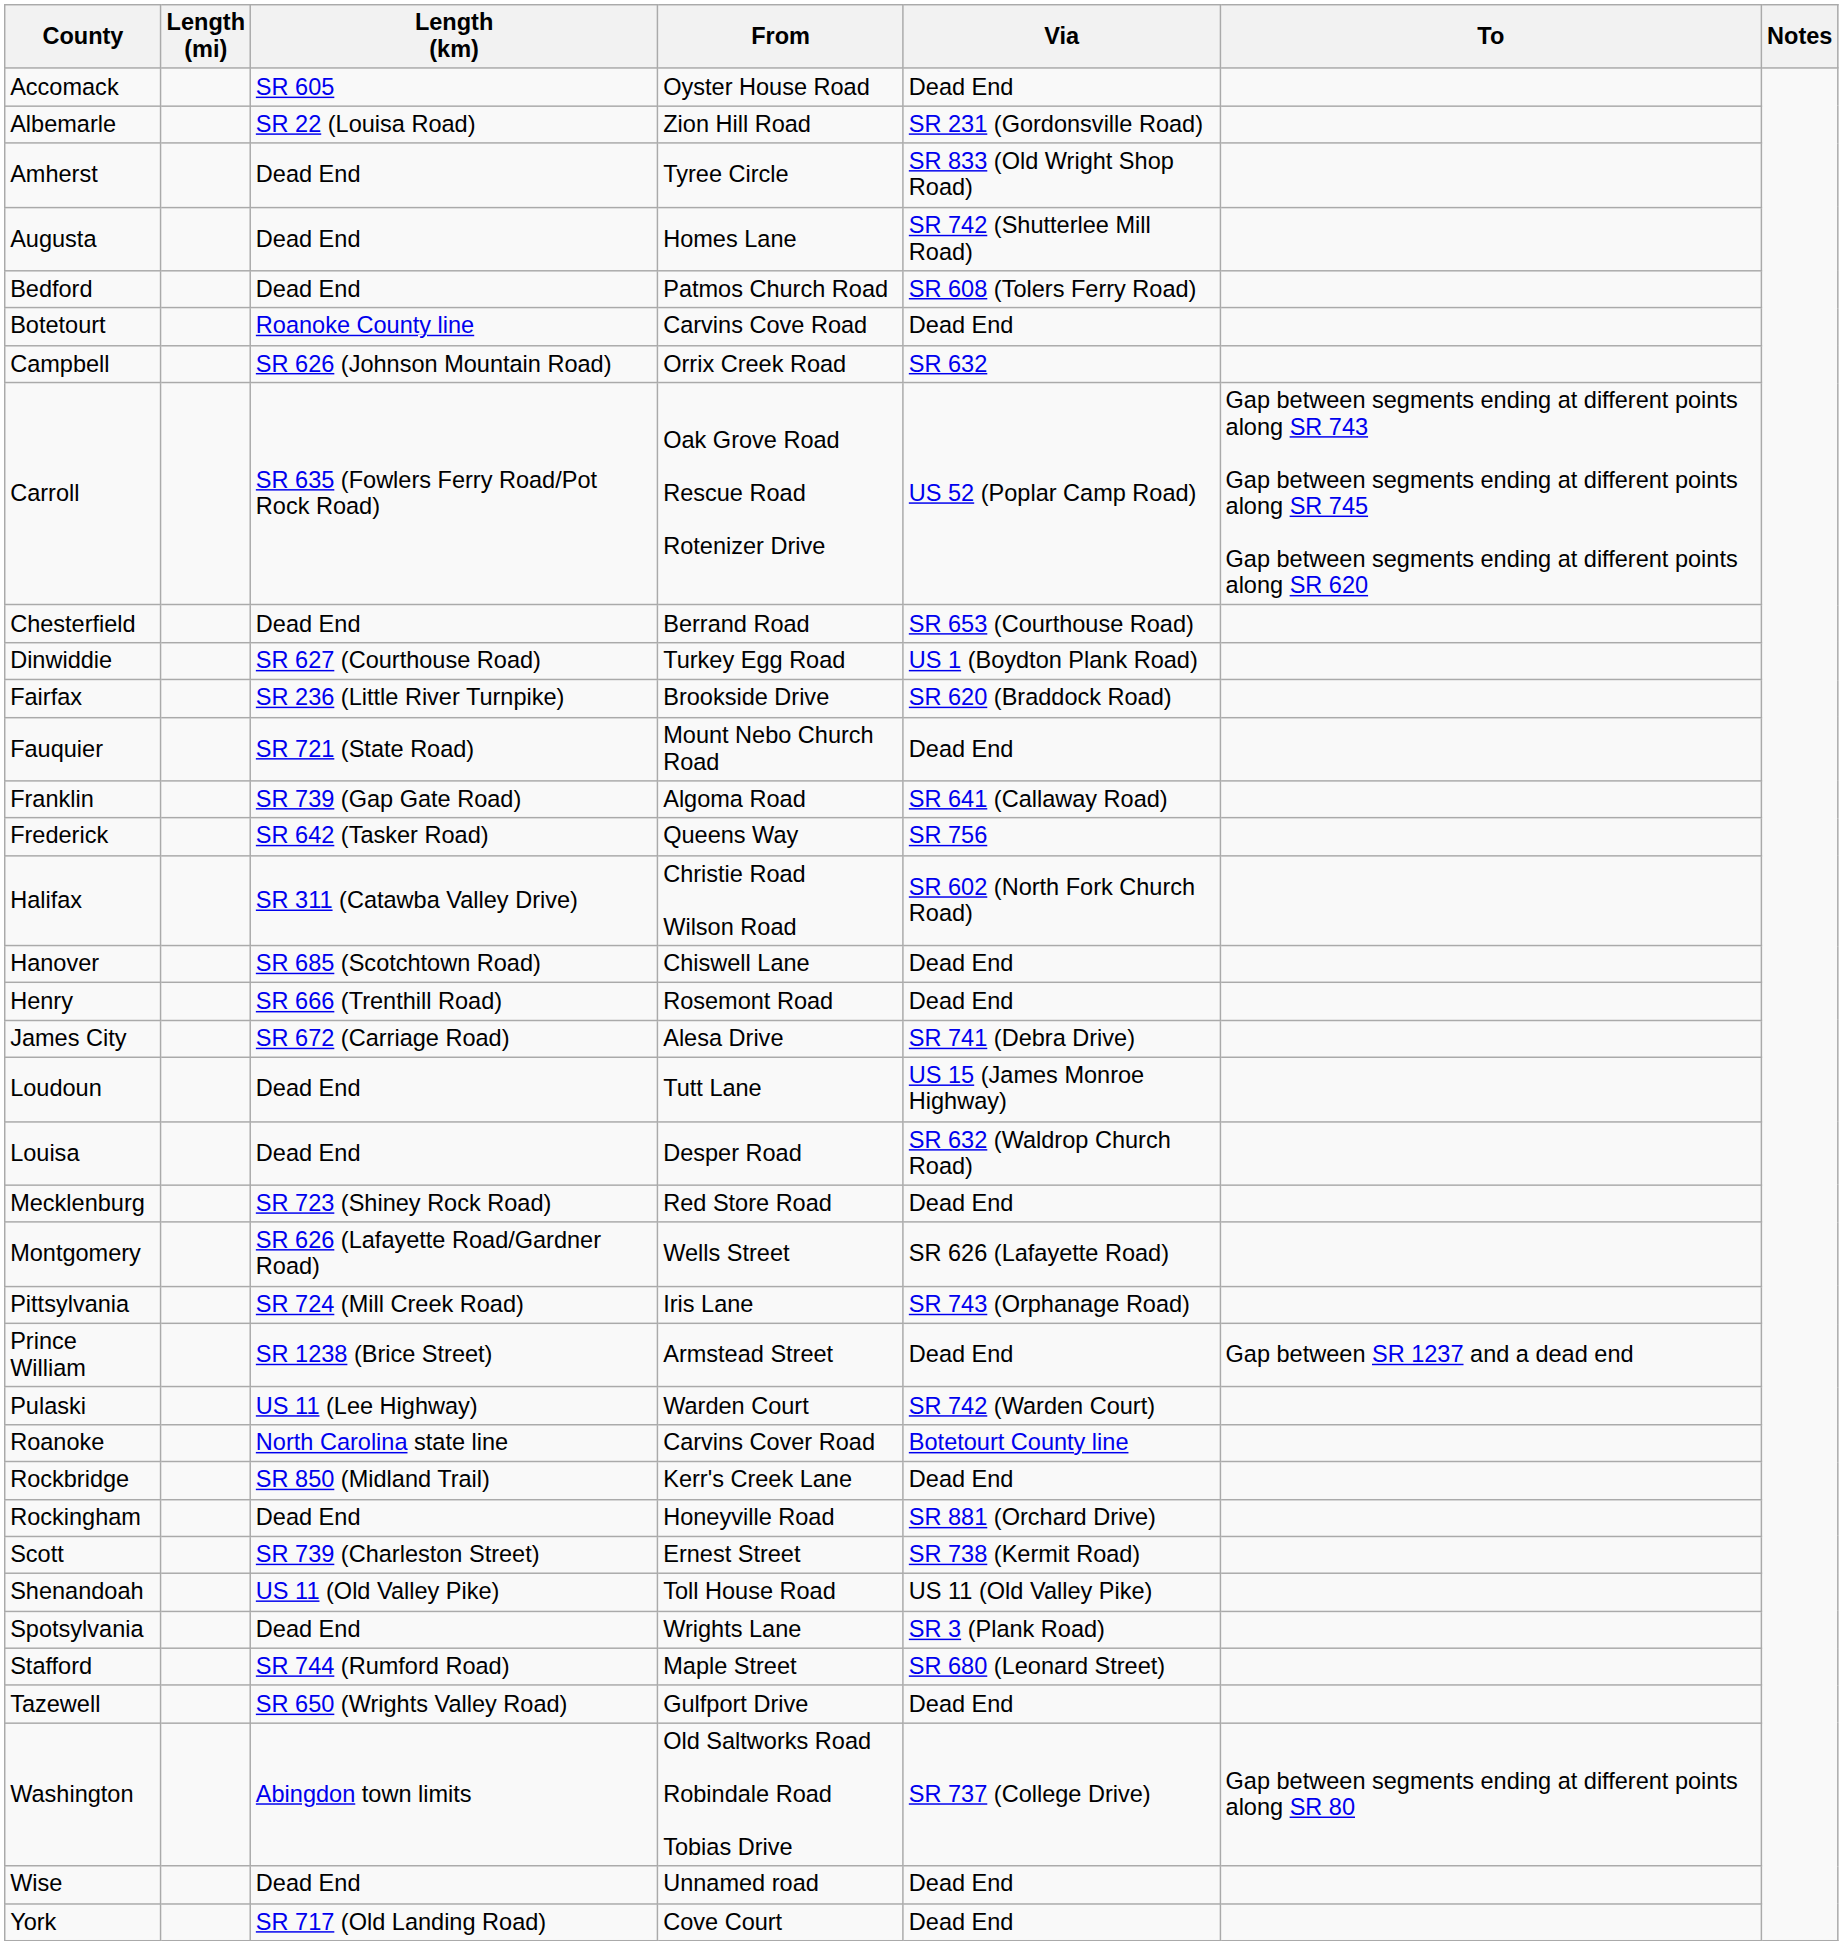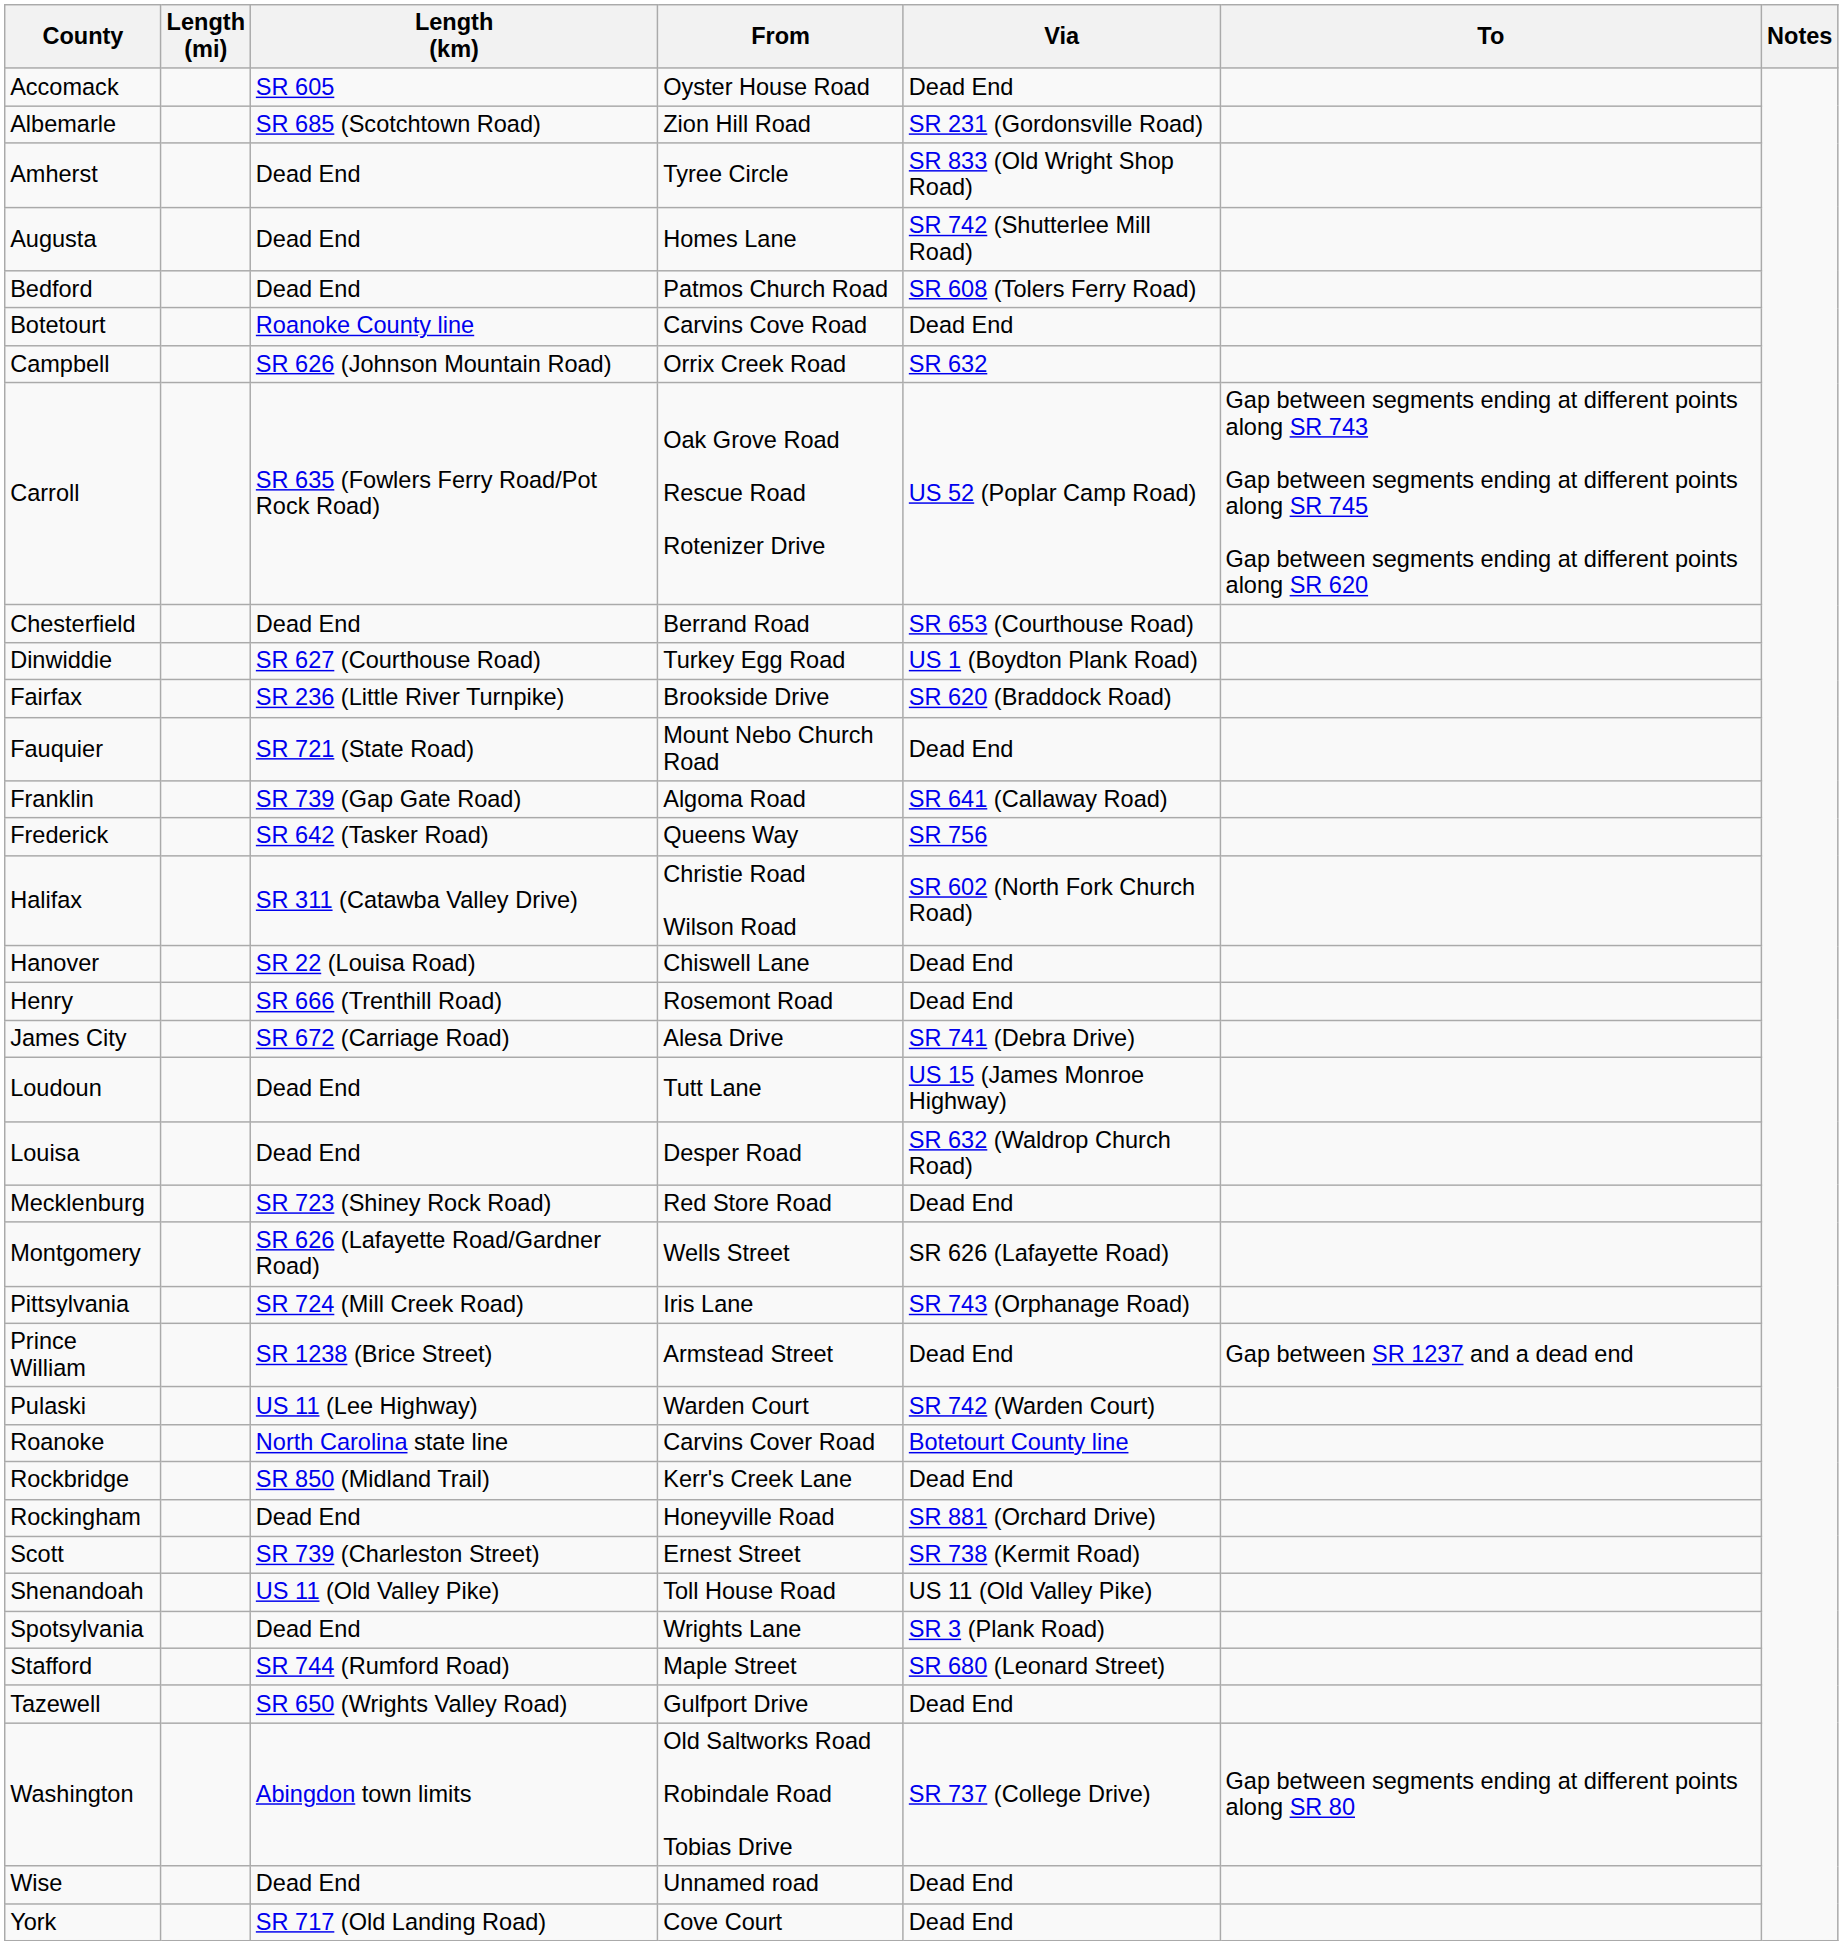 <table class="wikitable sortable">
 <tr>
 <th>County</th>
 <th>Length<br>(mi)</th>
 <th>Length<br>(km)</th>
 <th class="unsortable">From</th>
 <th class="unsortable">Via</th>
 <th class="unsortable">To</th>
 <th class="unsortable">Notes</th>
 </tr>
 <tr>
 <td id="Accomack">Accomack</td>
 <td></td>
 <td><a href='#'>SR 605</a></td>
 <td>Oyster House Road</td>
 <td>Dead End</td>
 <td></td>
 </tr>
 <tr>
 <td id="Albemarle">Albemarle</td>
 <td></td>
-<td><a href='#'>SR 22</a> (Louisa Road)</td>
+<td><a href='#'>SR 685</a> (Scotchtown Road)</td>
 <td>Zion Hill Road</td>
 <td><a href='#'>SR 231</a> (Gordonsville Road)</td>
 <td><br> </td>
 </tr>
 <tr>
 <td id="Amherst">Amherst</td>
 <td></td>
 <td>Dead End</td>
 <td>Tyree Circle</td>
 <td><a href='#'>SR 833</a> (Old Wright Shop Road)</td>
 <td><br> </td>
 </tr>
 <tr>
 <td id="Augusta">Augusta</td>
 <td></td>
 <td>Dead End</td>
 <td>Homes Lane</td>
 <td><a href='#'>SR 742</a> (Shutterlee Mill Road)</td>
 <td><br></td>
 </tr>
 <tr>
 <td id="Bedford">Bedford</td>
 <td></td>
 <td>Dead End</td>
 <td>Patmos Church Road</td>
 <td><a href='#'>SR 608</a> (Tolers Ferry Road)</td>
 <td><br></td>
 </tr>
 <tr>
 <td id="Botetourt">Botetourt</td>
 <td></td>
 <td><a href='#'>Roanoke County line</a></td>
 <td>Carvins Cove Road</td>
 <td>Dead End</td>
 <td><br>  </td>
 </tr>
 <tr>
 <td id="Campbell">Campbell</td>
 <td></td>
 <td><a href='#'>SR 626</a> (Johnson Mountain Road)</td>
 <td>Orrix Creek Road</td>
 <td><a href='#'>SR 632</a></td>
 <td><br></td>
 </tr>
 <tr>
 <td id="Carroll">Carroll</td>
 <td></td>
 <td><a href='#'>SR 635</a> (Fowlers Ferry Road/Pot Rock Road)</td>
 <td>Oak Grove Road<br><br>Rescue Road<br><br>Rotenizer Drive</td>
 <td><a href='#'>US 52</a> (Poplar Camp Road)</td>
 <td>Gap between segments ending at different points along <a href='#'>SR 743</a><br><br>Gap between segments ending at different points along <a href='#'>SR 745</a><br><br>Gap between segments ending at different points along <a href='#'>SR 620</a><br> </td>
 </tr>
 <tr>
 <td id="Chesterfield">Chesterfield</td>
 <td></td>
 <td>Dead End</td>
 <td>Berrand Road</td>
 <td><a href='#'>SR 653</a> (Courthouse Road)</td>
 <td><br>    </td>
 </tr>
 <tr>
 <td id="Dinwiddie">Dinwiddie</td>
 <td></td>
 <td><a href='#'>SR 627</a> (Courthouse Road)</td>
 <td>Turkey Egg Road</td>
 <td><a href='#'>US 1</a> (Boydton Plank Road)</td>
 <td><br></td>
 </tr>
 <tr>
 <td id="Fairfax">Fairfax</td>
 <td></td>
 <td><a href='#'>SR 236</a> (Little River Turnpike)</td>
 <td>Brookside Drive</td>
 <td><a href='#'>SR 620</a> (Braddock Road)</td>
 <td></td>
 </tr>
 <tr>
 <td id="Fauquier">Fauquier</td>
 <td></td>
 <td><a href='#'>SR 721</a> (State Road)</td>
 <td>Mount Nebo Church Road</td>
 <td>Dead End</td>
 <td><br> </td>
 </tr>
 <tr>
 <td id="Franklin">Franklin</td>
 <td></td>
 <td><a href='#'>SR 739</a> (Gap Gate Road)</td>
 <td>Algoma Road</td>
 <td><a href='#'>SR 641</a> (Callaway Road)</td>
 <td></td>
 </tr>
 <tr>
 <td id="Frederick">Frederick</td>
 <td></td>
 <td><a href='#'>SR 642</a> (Tasker Road)</td>
 <td>Queens Way</td>
 <td><a href='#'>SR 756</a></td>
 <td><br>     </td>
 </tr>
 <tr>
 <td id="Halifax">Halifax</td>
 <td></td>
 <td><a href='#'>SR 311</a> (Catawba Valley Drive)</td>
 <td>Christie Road<br><br>Wilson Road</td>
 <td><a href='#'>SR 602</a> (North Fork Church Road)</td>
 <td></td>
 </tr>
 <tr>
 <td id="Hanover">Hanover</td>
 <td></td>
-<td><a href='#'>SR 685</a> (Scotchtown Road)</td>
+<td><a href='#'>SR 22</a> (Louisa Road)</td>
 <td>Chiswell Lane</td>
 <td>Dead End</td>
 <td><br></td>
 </tr>
 <tr>
 <td id="Henry">Henry</td>
 <td></td>
 <td><a href='#'>SR 666</a> (Trenthill Road)</td>
 <td>Rosemont Road</td>
 <td>Dead End</td>
 <td><br> </td>
 </tr>
 <tr>
 <td id="James City">James City</td>
 <td></td>
 <td><a href='#'>SR 672</a> (Carriage Road)</td>
 <td>Alesa Drive</td>
 <td><a href='#'>SR 741</a> (Debra Drive)</td>
 <td><br>    </td>
 </tr>
 <tr>
 <td id="Loudoun">Loudoun</td>
 <td></td>
 <td>Dead End</td>
 <td>Tutt Lane</td>
 <td><a href='#'>US 15</a> (James Monroe Highway)</td>
 <td></td>
 </tr>
 <tr>
 <td id="Louisa">Louisa</td>
 <td></td>
 <td>Dead End</td>
 <td>Desper Road</td>
 <td><a href='#'>SR 632</a> (Waldrop Church Road)</td>
 <td><br>  </td>
 </tr>
 <tr>
 <td id="Mecklenburg">Mecklenburg</td>
 <td></td>
 <td><a href='#'>SR 723</a> (Shiney Rock Road)</td>
 <td>Red Store Road</td>
 <td>Dead End</td>
 <td><br></td>
 </tr>
 <tr>
 <td id="Montgomery">Montgomery</td>
 <td></td>
 <td><a href='#'>SR 626</a> (Lafayette Road/Gardner Road)</td>
 <td>Wells Street</td>
 <td>SR 626 (Lafayette Road)</td>
 <td><br>       </td>
 </tr>
 <tr>
 <td id="Pittsylvania">Pittsylvania</td>
 <td></td>
 <td><a href='#'>SR 724</a> (Mill Creek Road)</td>
 <td>Iris Lane</td>
 <td><a href='#'>SR 743</a> (Orphanage Road)</td>
 <td><br>  </td>
 </tr>
 <tr>
 <td id="Prince William">Prince William</td>
 <td></td>
 <td><a href='#'>SR 1238</a> (Brice Street)</td>
 <td>Armstead Street</td>
 <td>Dead End</td>
 <td>Gap between <a href='#'>SR 1237</a> and a dead end</td>
 </tr>
 <tr>
 <td id="Pulaski">Pulaski</td>
 <td></td>
 <td><a href='#'>US 11</a> (Lee Highway)</td>
 <td>Warden Court</td>
 <td><a href='#'>SR 742</a> (Warden Court)</td>
 <td><br> </td>
 </tr>
 <tr>
 <td id="Roanoke">Roanoke</td>
 <td></td>
 <td><a href='#'>North Carolina</a> state line</td>
 <td>Carvins Cover Road</td>
 <td><a href='#'>Botetourt County line</a></td>
 <td></td>
 </tr>
 <tr>
 <td id="Rockbridge">Rockbridge</td>
 <td></td>
 <td><a href='#'>SR 850</a> (Midland Trail)</td>
 <td>Kerr's Creek Lane</td>
 <td>Dead End</td>
 <td></td>
 </tr>
 <tr>
 <td id="Rockingham">Rockingham</td>
 <td></td>
 <td>Dead End</td>
 <td>Honeyville Road</td>
 <td><a href='#'>SR 881</a> (Orchard Drive)</td>
 <td><br></td>
 </tr>
 <tr>
 <td id="Scott">Scott</td>
 <td></td>
 <td><a href='#'>SR 739</a> (Charleston Street)</td>
 <td>Ernest Street</td>
 <td><a href='#'>SR 738</a> (Kermit Road)</td>
 <td></td>
 </tr>
 <tr>
 <td id="Shenandoah">Shenandoah</td>
 <td></td>
 <td><a href='#'>US 11</a> (Old Valley Pike)</td>
 <td>Toll House Road</td>
 <td>US 11 (Old Valley Pike)</td>
 <td><br> </td>
 </tr>
 <tr>
 <td id="Spotsylvania">Spotsylvania</td>
 <td></td>
 <td>Dead End</td>
 <td>Wrights Lane</td>
 <td><a href='#'>SR 3</a> (Plank Road)</td>
 <td></td>
 </tr>
 <tr>
 <td id="Stafford">Stafford</td>
 <td></td>
 <td><a href='#'>SR 744</a> (Rumford Road)</td>
 <td>Maple Street</td>
 <td><a href='#'>SR 680</a> (Leonard Street)</td>
 <td><br> </td>
 </tr>
 <tr>
 <td id="Tazewell">Tazewell</td>
 <td></td>
 <td><a href='#'>SR 650</a> (Wrights Valley Road)</td>
 <td>Gulfport Drive</td>
 <td>Dead End</td>
 <td><br></td>
 </tr>
 <tr>
 <td id="Washington">Washington</td>
 <td></td>
 <td><a href='#'>Abingdon</a> town limits</td>
 <td>Old Saltworks Road<br><br>Robindale Road<br><br>Tobias Drive</td>
 <td><a href='#'>SR 737</a> (College Drive)</td>
 <td>Gap between segments ending at different points along <a href='#'>SR 80</a><br></td>
 </tr>
 <tr>
 <td id="Wise">Wise</td>
 <td></td>
 <td>Dead End</td>
 <td>Unnamed road</td>
 <td>Dead End</td>
 <td><br></td>
 </tr>
 <tr>
 <td id="York">York</td>
 <td></td>
 <td><a href='#'>SR 717</a> (Old Landing Road)</td>
 <td>Cove Court</td>
 <td>Dead End</td>
 <td></td>
 </tr>
 </table>
